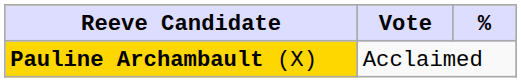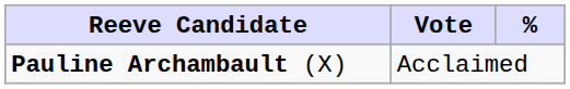 <table class="wikitable">
 <tr>
 <th style="background:#ddf; width:200px;">Reeve Candidate</th>
 <th style="background:#ddf; width:50px;">Vote</th>
 <th style="background:#ddf; width:30px;">%</th>
 </tr>
 <tr>
-<td style="background: gold;"><strong>Pauline Archambault</strong> (X)</td>
+<td><strong>Pauline Archambault</strong> (X)</td>
 <td colspan="2">Acclaimed</td>
 </tr>
 </table>
